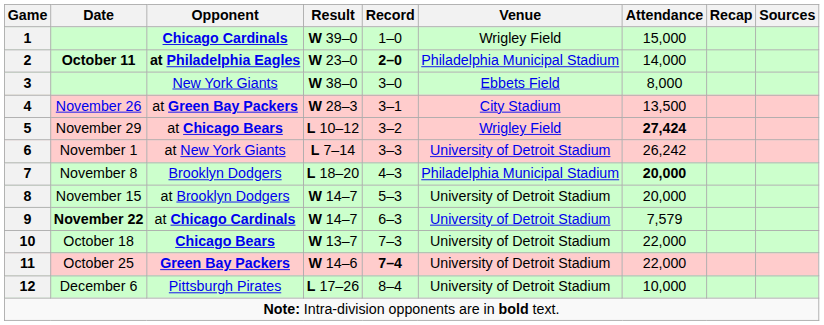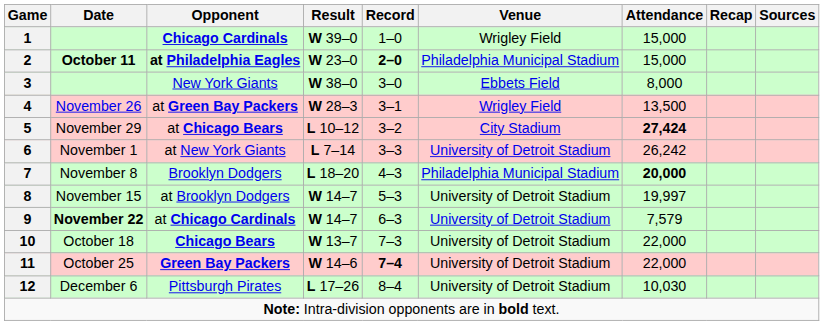 <table class="wikitable" style="text-align:center">
 <tr>
 <th>Game</th>
 <th>Date</th>
 <th>Opponent</th>
 <th>Result</th>
 <th>Record</th>
 <th>Venue</th>
 <th>Attendance</th>
 <th>Recap</th>
 <th>Sources</th>
 </tr>
 <tr style="background:#cfc">
 <th>1</th>
 <td></td>
 <td><strong><a href='#'>Chicago Cardinals</a></strong></td>
 <td><strong>W</strong> 39–0</td>
 <td>1–0</td>
 <td>Wrigley Field</td>
 <td>15,000</td>
 <td></td>
 <td></td>
 </tr>
 <tr style="background:#cfc">
 <th>2</th>
 <td><strong>October 11</strong></td>
 <td><strong>at <a href='#'>Philadelphia Eagles</a></strong></td>
 <td><strong>W</strong> 23–0</td>
 <td><strong>2–0</strong></td>
 <td><a href='#'>Philadelphia Municipal Stadium</a></td>
-<td>14,000</td>
+<td>15,000</td>
 <td></td>
 <td></td>
 </tr>
 <tr style="background:#cfc">
 <th>3</th>
 <td></td>
 <td><a href='#'>New York Giants</a></td>
 <td><strong>W</strong> 38–0</td>
 <td>3–0</td>
 <td><a href='#'>Ebbets Field</a></td>
 <td>8,000</td>
 <td></td>
 <td></td>
 </tr>
 <tr style="background:#fcc">
 <th>4</th>
 <td><a href='#'>November 26</a></td>
 <td>at <strong><a href='#'>Green Bay Packers</a></strong></td>
 <td><strong>W</strong> 28–3</td>
 <td>3–1</td>
-<td><a href='#'>City Stadium</a></td>
+<td><a href='#'>Wrigley Field</a></td>
 <td>13,500</td>
 <td></td>
 <td></td>
 </tr>
 <tr style="background:#fcc">
 <th>5</th>
 <td>November 29</td>
 <td>at <strong><a href='#'>Chicago Bears</a></strong></td>
 <td><strong>L</strong> 10–12</td>
 <td>3–2</td>
-<td><a href='#'>Wrigley Field</a></td>
+<td><a href='#'>City Stadium</a></td>
 <td><strong>27,424</strong></td>
 <td></td>
 <td></td>
 </tr>
 <tr style="background:#fcc">
 <th>6</th>
 <td>November 1</td>
 <td>at <a href='#'>New York Giants</a></td>
 <td><strong>L</strong> 7–14</td>
 <td>3–3</td>
 <td><a href='#'>University of Detroit Stadium</a></td>
 <td>26,242</td>
 <td></td>
 <td></td>
 </tr>
 <tr style="background:#cfc">
 <th>7</th>
 <td>November 8</td>
 <td><a href='#'>Brooklyn Dodgers</a></td>
 <td><strong>L</strong> 18–20</td>
 <td>4–3</td>
 <td><a href='#'>Philadelphia Municipal Stadium</a></td>
 <td><strong>20,000</strong></td>
 <td></td>
 <td></td>
 </tr>
 <tr style="background:#cfc">
 <th>8</th>
 <td>November 15</td>
 <td>at <a href='#'>Brooklyn Dodgers</a></td>
 <td><strong>W</strong> 14–7</td>
 <td>5–3</td>
 <td>University of Detroit Stadium</td>
-<td>20,000</td>
+<td>19,997</td>
 <td></td>
 <td></td>
 </tr>
 <tr style="background:#cfc">
 <th>9</th>
 <td><strong>November 22</strong></td>
 <td>at <strong><a href='#'>Chicago Cardinals</a></strong></td>
 <td><strong>W</strong> 14–7</td>
 <td>6–3</td>
 <td><a href='#'>University of Detroit Stadium</a></td>
 <td>7,579</td>
 <td></td>
 <td></td>
 </tr>
 <tr style="background:#cfc">
 <th>10</th>
 <td>October 18</td>
 <td><strong><a href='#'>Chicago Bears</a></strong></td>
 <td><strong>W</strong> 13–7</td>
 <td>7–3</td>
 <td>University of Detroit Stadium</td>
 <td>22,000</td>
 <td></td>
 <td></td>
 </tr>
 <tr style="background:#fcc">
 <th>11</th>
 <td>October 25</td>
 <td><strong><a href='#'>Green Bay Packers</a></strong></td>
 <td><strong>W</strong> 14–6</td>
 <td><strong>7–4</strong></td>
 <td>University of Detroit Stadium</td>
 <td>22,000</td>
 <td></td>
 <td></td>
 </tr>
 <tr style="background:#cfc">
 <th>12</th>
 <td>December 6</td>
 <td><a href='#'>Pittsburgh Pirates</a></td>
 <td><strong>L</strong> 17–26</td>
 <td>8–4</td>
 <td>University of Detroit Stadium</td>
-<td>10,000</td>
+<td>10,030</td>
 <td></td>
 <td></td>
 </tr>
 <tr>
 <td colspan="10"><strong>Note:</strong> Intra-division opponents are in <strong>bold</strong> text.</td>
 </tr>
 </table>
